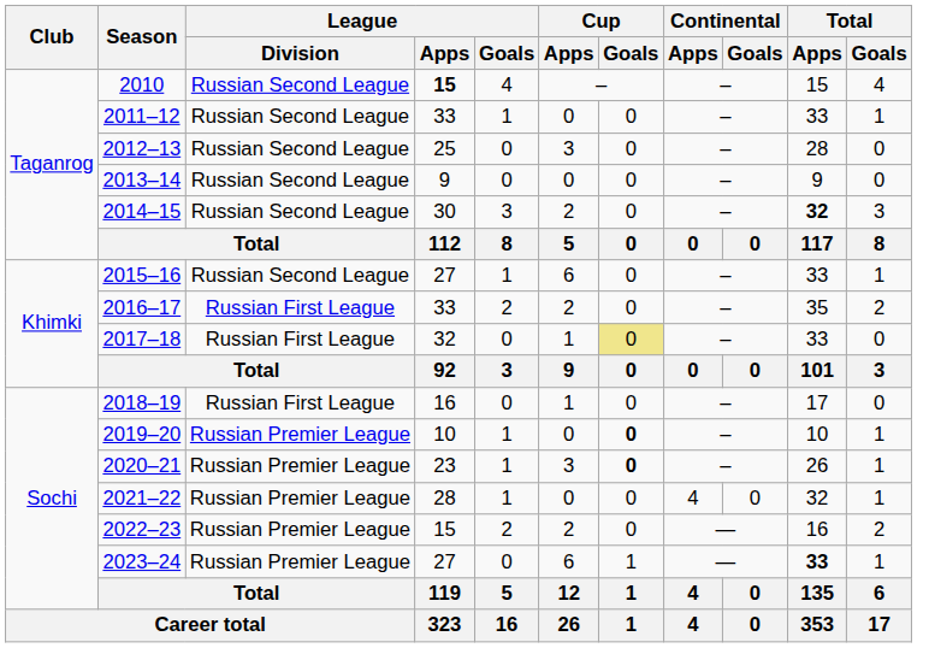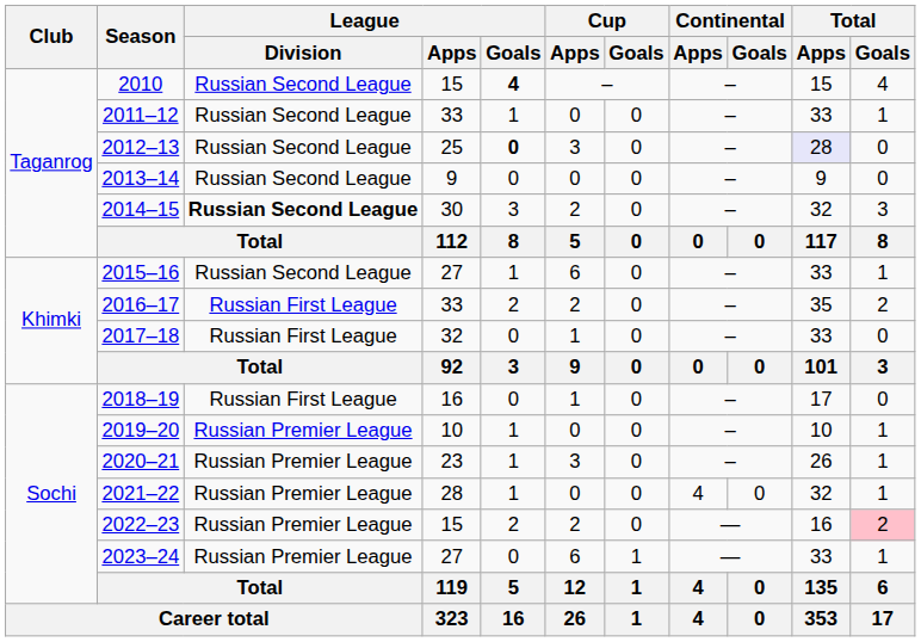 <table class="wikitable" style="text-align: center;">
 <tr>
 <th rowspan=2>Club</th>
 <th rowspan=2>Season</th>
 <th colspan=3>League</th>
 <th colspan=2>Cup</th>
 <th colspan=2>Continental</th>
 <th colspan=2>Total</th>
 </tr>
 <tr>
 <th>Division</th>
 <th>Apps</th>
 <th>Goals</th>
 <th>Apps</th>
 <th>Goals</th>
 <th>Apps</th>
 <th>Goals</th>
 <th>Apps</th>
 <th>Goals</th>
 </tr>
 <tr>
 <td rowspan="6"><a href='#'>Taganrog</a></td>
 <td><a href='#'>2010</a></td>
 <td><a href='#'>Russian Second League</a></td>
-<td><strong>15</strong></td>
-<td>4</td>
+<td>15</td>
+<td><strong>4</strong></td>
 <td colspan=2>–</td>
 <td colspan=2>–</td>
 <td>15</td>
 <td>4</td>
 </tr>
 <tr>
 <td><a href='#'>2011–12</a></td>
 <td>Russian Second League</td>
 <td>33</td>
 <td>1</td>
 <td>0</td>
 <td>0</td>
 <td colspan=2>–</td>
 <td>33</td>
 <td>1</td>
 </tr>
 <tr>
 <td><a href='#'>2012–13</a></td>
 <td>Russian Second League</td>
 <td>25</td>
-<td>0</td>
+<td><strong>0</strong></td>
 <td>3</td>
 <td>0</td>
 <td colspan=2>–</td>
-<td>28</td>
+<td style="background: lavender;">28</td>
 <td>0</td>
 </tr>
 <tr>
 <td><a href='#'>2013–14</a></td>
 <td>Russian Second League</td>
 <td>9</td>
 <td>0</td>
 <td>0</td>
 <td>0</td>
 <td colspan=2>–</td>
 <td>9</td>
 <td>0</td>
 </tr>
 <tr>
 <td><a href='#'>2014–15</a></td>
-<td>Russian Second League</td>
+<td><strong>Russian Second League</strong></td>
 <td>30</td>
 <td>3</td>
 <td>2</td>
 <td>0</td>
 <td colspan=2>–</td>
-<td><strong>32</strong></td>
+<td>32</td>
 <td>3</td>
 </tr>
 <tr>
 <th colspan=2>Total</th>
 <th>112</th>
 <th>8</th>
 <th>5</th>
 <th>0</th>
 <th>0</th>
 <th>0</th>
 <th>117</th>
 <th>8</th>
 </tr>
 <tr>
 <td rowspan="4"><a href='#'>Khimki</a></td>
 <td><a href='#'>2015–16</a></td>
 <td>Russian Second League</td>
 <td>27</td>
 <td>1</td>
 <td>6</td>
 <td>0</td>
 <td colspan=2>–</td>
 <td>33</td>
 <td>1</td>
 </tr>
 <tr>
 <td><a href='#'>2016–17</a></td>
 <td><a href='#'>Russian First League</a></td>
 <td>33</td>
 <td>2</td>
 <td>2</td>
 <td>0</td>
 <td colspan=2>–</td>
 <td>35</td>
 <td>2</td>
 </tr>
 <tr>
 <td><a href='#'>2017–18</a></td>
 <td>Russian First League</td>
 <td>32</td>
 <td>0</td>
 <td>1</td>
-<td style="background: khaki;">0</td>
+<td>0</td>
 <td colspan=2>–</td>
 <td>33</td>
 <td>0</td>
 </tr>
 <tr>
 <th colspan=2>Total</th>
 <th>92</th>
 <th>3</th>
 <th>9</th>
 <th>0</th>
 <th>0</th>
 <th>0</th>
 <th>101</th>
 <th>3</th>
 </tr>
 <tr>
 <td rowspan="7"><a href='#'>Sochi</a></td>
 <td><a href='#'>2018–19</a></td>
 <td>Russian First League</td>
 <td>16</td>
 <td>0</td>
 <td>1</td>
 <td>0</td>
 <td colspan=2>–</td>
 <td>17</td>
 <td>0</td>
 </tr>
 <tr>
 <td><a href='#'>2019–20</a></td>
 <td><a href='#'>Russian Premier League</a></td>
 <td>10</td>
 <td>1</td>
 <td>0</td>
-<td><strong>0</strong></td>
+<td>0</td>
 <td colspan=2>–</td>
 <td>10</td>
 <td>1</td>
 </tr>
 <tr>
 <td><a href='#'>2020–21</a></td>
 <td>Russian Premier League</td>
 <td>23</td>
 <td>1</td>
 <td>3</td>
-<td><strong>0</strong></td>
+<td>0</td>
 <td colspan=2>–</td>
 <td>26</td>
 <td>1</td>
 </tr>
 <tr>
 <td><a href='#'>2021–22</a></td>
 <td>Russian Premier League</td>
 <td>28</td>
 <td>1</td>
 <td>0</td>
 <td>0</td>
 <td>4</td>
 <td>0</td>
 <td>32</td>
 <td>1</td>
 </tr>
 <tr>
 <td><a href='#'>2022–23</a></td>
 <td>Russian Premier League</td>
 <td>15</td>
 <td>2</td>
 <td>2</td>
 <td>0</td>
 <td colspan="2">—</td>
 <td>16</td>
-<td>2</td>
+<td style="background: pink;">2</td>
 </tr>
 <tr>
 <td><a href='#'>2023–24</a></td>
 <td>Russian Premier League</td>
 <td>27</td>
 <td>0</td>
 <td>6</td>
 <td>1</td>
 <td colspan="2">—</td>
-<td><strong>33</strong></td>
+<td>33</td>
 <td>1</td>
 </tr>
 <tr>
 <th colspan=2>Total</th>
 <th>119</th>
 <th>5</th>
 <th>12</th>
 <th>1</th>
 <th>4</th>
 <th>0</th>
 <th>135</th>
 <th>6</th>
 </tr>
 <tr>
 <th colspan=3>Career total</th>
 <th>323</th>
 <th>16</th>
 <th>26</th>
 <th>1</th>
 <th>4</th>
 <th>0</th>
 <th>353</th>
 <th>17</th>
 </tr>
 </table>
